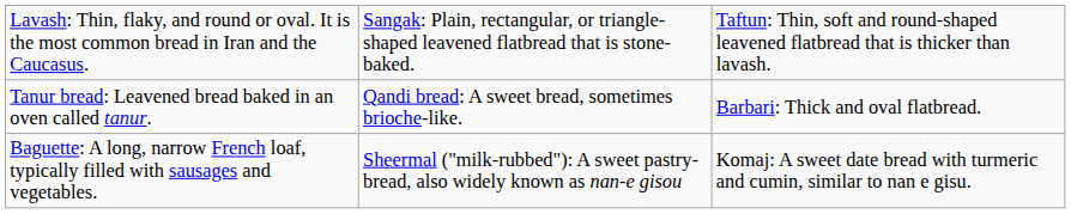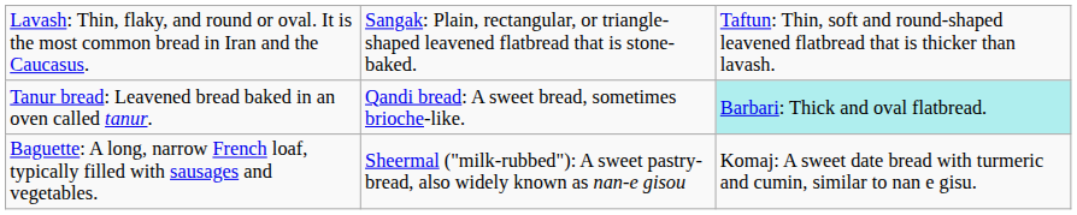 <table class="wikitable">
 <tr>
 <td style="width: 20%;"><a href='#'>Lavash</a>: Thin, flaky, and round or oval. It is the most common bread in Iran and the <a href='#'>Caucasus</a>.</td>
 <td style="width: 20%;"><a href='#'>Sangak</a>: Plain, rectangular, or triangle-shaped leavened flatbread that is stone-baked.</td>
 <td style="width: 20%;"><a href='#'>Taftun</a>: Thin, soft and round-shaped leavened flatbread that is thicker than lavash.</td>
 </tr>
 <tr>
 <td><a href='#'>Tanur bread</a>: Leavened bread baked in an oven called <em><a href='#'>tanur</a></em>.</td>
 <td><a href='#'>Qandi bread</a>: A sweet bread, sometimes <a href='#'>brioche</a>-like.</td>
-<td><a href='#'>Barbari</a>: Thick and oval flatbread.</td>
+<td style="background: paleturquoise;"><a href='#'>Barbari</a>: Thick and oval flatbread.</td>
 </tr>
 <tr>
 <td><a href='#'>Baguette</a>: A long, narrow <a href='#'>French</a> loaf, typically filled with <a href='#'>sausages</a> and vegetables.</td>
 <td><a href='#'>Sheermal</a> ("milk-rubbed"): A sweet pastry-bread, also widely known as <em>nan-e gisou</em></td>
 <td>Komaj: A sweet date bread with turmeric and cumin, similar to nan e gisu.</td>
 </tr>
 </table>
